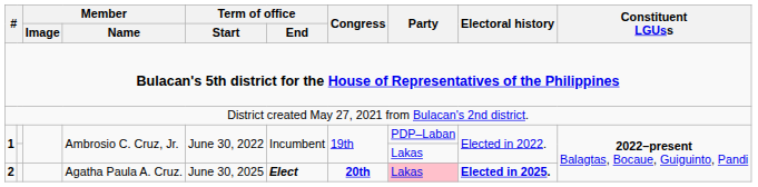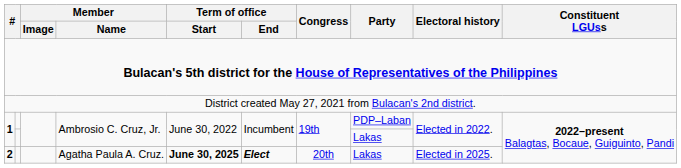 <table class=wikitable>
 <tr>
 <th rowspan="2" colspan="2">#</th>
 <th colspan="2">Member</th>
 <th colspan="2">Term of office</th>
 <th rowspan="2">Congress</th>
 <th rowspan="2">Party</th>
 <th rowspan="2">Electoral history</th>
 <th rowspan="2">Constituent<br><a href='#'>LGUs</a>s</th>
 </tr>
 <tr>
 <th>Image</th>
 <th>Name</th>
 <th>Start</th>
 <th>End</th>
 </tr>
 <tr>
 <td colspan="10" style="text-align:center;"><br><h3>Bulacan's 5th district for the <a href='#'>House of Representatives of the Philippines</a></h3></td>
 </tr>
 <tr>
 <td colspan="10" style="text-align:center;">District created May 27, 2021 from <a href='#'>Bulacan's 2nd district</a>.</td>
 </tr>
 <tr>
 <td rowspan=2><strong>1</strong></td>
 <td style="color:inherit;background:"></td>
 <td rowspan=2></td>
 <td rowspan=2>Ambrosio C. Cruz, Jr.</td>
 <td rowspan=2>June 30, 2022</td>
 <td rowspan=2>Incumbent</td>
 <td rowspan=2><a href='#'>19th</a></td>
 <td><a href='#'>PDP–Laban</a></td>
 <td rowspan=2><a href='#'>Elected in 2022</a>.</td>
 <td rowspan="12" style="text-align:center;"><strong>2022–present</strong><br><a href='#'>Balagtas</a>, <a href='#'>Bocaue</a>, <a href='#'>Guiguinto</a>, <a href='#'>Pandi</a></td>
 </tr>
 <tr>
 <td style="color:inherit;background:"></td>
 <td><a href='#'>Lakas</a></td>
 </tr>
 <tr>
 <td style="text-align:center;"><strong>2</strong></td>
 <td style="color:inherit;background:"></td>
 <td></td>
 <td>Agatha Paula A. Cruz.</td>
-<td>June 30, 2025</td>
+<td><strong>June 30, 2025</strong></td>
 <td><strong><em>Elect</em></strong></td>
-<td style="text-align:center;"><strong><a href='#'>20th</a></strong></td>
-<td style="background: pink;"><a href='#'>Lakas</a></td>
-<td><strong><a href='#'>Elected in 2025</a>.</strong></td>
+<td style="text-align:center;"><a href='#'>20th</a></td>
+<td><a href='#'>Lakas</a></td>
+<td><a href='#'>Elected in 2025</a>.</td>
 </tr>
 </table>
